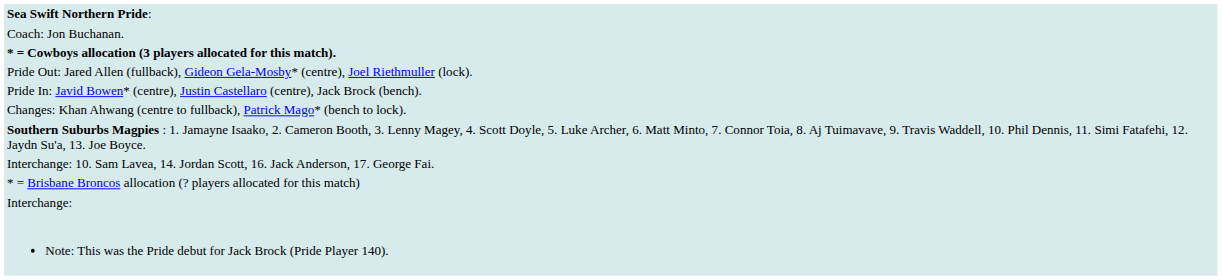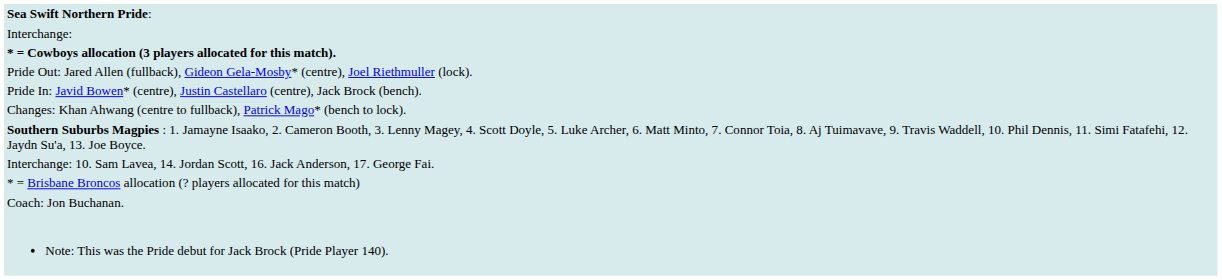 <table style="background:#d7ebed; font-size:85%; width:100%;">
 <tr>
 <td><strong>Sea Swift Northern Pride</strong>:             </td>
 </tr>
 <tr>
-<td>Coach: Jon Buchanan.</td>
+<td>Interchange:    </td>
 </tr>
 <tr>
 <td><strong>* = Cowboys allocation (3 players allocated for this match).</strong></td>
 </tr>
 <tr>
 <td>Pride Out: Jared Allen (fullback), <a href='#'>Gideon Gela-Mosby</a>* (centre), <a href='#'>Joel Riethmuller</a> (lock).</td>
 </tr>
 <tr>
 <td>Pride In: <a href='#'>Javid Bowen</a>* (centre), <a href='#'>Justin Castellaro</a> (centre), Jack Brock (bench).</td>
 </tr>
 <tr>
 <td>Changes: Khan Ahwang (centre to fullback), <a href='#'>Patrick Mago</a>* (bench to lock).</td>
 </tr>
 <tr>
 <td><strong>Southern Suburbs Magpies</strong> : 1. Jamayne Isaako, 2. Cameron Booth, 3. Lenny Magey, 4. Scott Doyle, 5. Luke Archer, 6. Matt Minto, 7. Connor Toia, 8. Aj Tuimavave, 9. Travis Waddell, 10. Phil Dennis, 11. Simi Fatafehi, 12. Jaydn Su'a, 13. Joe Boyce.</td>
 </tr>
 <tr>
 <td>Interchange: 10. Sam Lavea, 14. Jordan Scott, 16. Jack Anderson, 17. George Fai.</td>
 </tr>
 <tr>
 <td>* = <a href='#'>Brisbane Broncos</a> allocation (? players allocated for this match)</td>
 </tr>
 <tr>
-<td>Interchange:    </td>
+<td>Coach: Jon Buchanan.</td>
 </tr>
 <tr>
 <td><br><ul><li>Note: This was the Pride debut for Jack Brock (Pride Player 140).</li></ul></td>
 </tr>
 <tr>
 </tr>
 </table>
